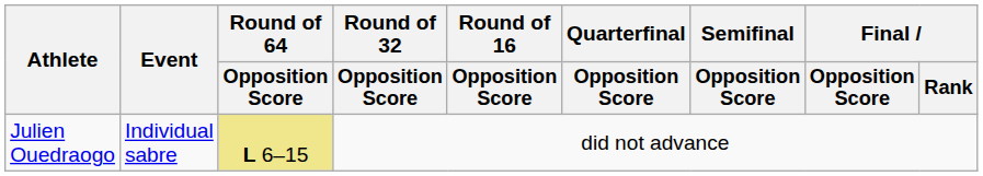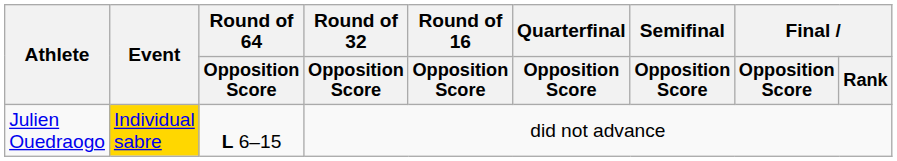 <table class="wikitable" style="font-size:90%">
 <tr>
 <th rowspan="2">Athlete</th>
 <th rowspan="2">Event</th>
 <th>Round of 64</th>
 <th>Round of 32</th>
 <th>Round of 16</th>
 <th>Quarterfinal</th>
 <th>Semifinal</th>
 <th colspan=2>Final / </th>
 </tr>
 <tr style="font-size:95%">
 <th>Opposition <br> Score</th>
 <th>Opposition <br> Score</th>
 <th>Opposition <br> Score</th>
 <th>Opposition <br> Score</th>
 <th>Opposition <br> Score</th>
 <th>Opposition <br> Score</th>
 <th>Rank</th>
 </tr>
 <tr align=center>
 <td align=left><a href='#'>Julien Ouedraogo</a></td>
-<td align=left><a href='#'>Individual sabre</a></td>
-<td style="background: khaki;"><br><strong>L</strong> 6–15</td>
+<td align=left style="background: gold;"><a href='#'>Individual sabre</a></td>
+<td><br><strong>L</strong> 6–15</td>
 <td colspan=6>did not advance</td>
 </tr>
 </table>
